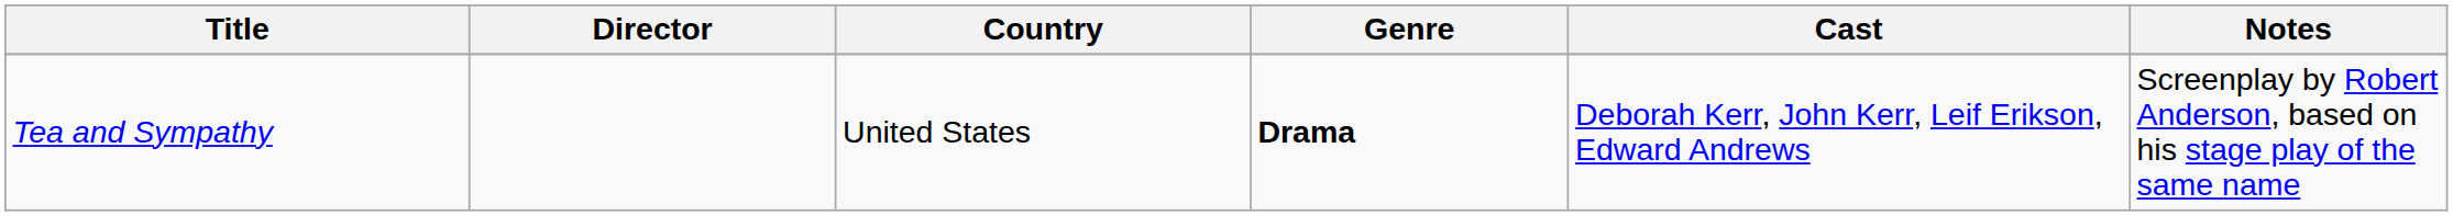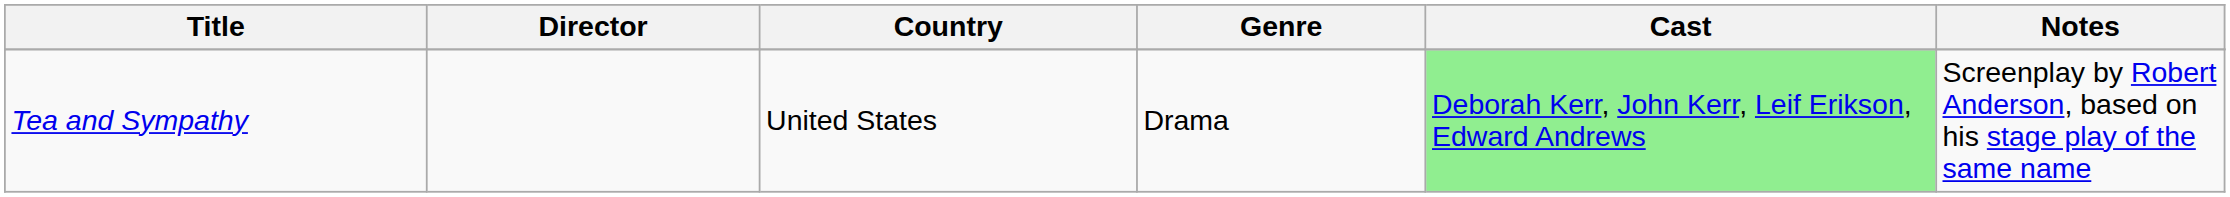 <table class="wikitable sortable">
 <tr>
 <th width="19%">Title</th>
 <th width="15%">Director</th>
 <th width="17%">Country</th>
 <th width="13%">Genre</th>
 <th width="23%">Cast</th>
 <th width="46%">Notes</th>
 </tr>
 <tr valign="top">
 </tr>
 <tr>
 <td><em><a href='#'>Tea and Sympathy</a></em></td>
 <td></td>
 <td>United States</td>
-<td><strong>Drama</strong></td>
-<td><a href='#'>Deborah Kerr</a>, <a href='#'>John Kerr</a>, <a href='#'>Leif Erikson</a>, <a href='#'>Edward Andrews</a></td>
+<td>Drama</td>
+<td style="background: lightgreen;"><a href='#'>Deborah Kerr</a>, <a href='#'>John Kerr</a>, <a href='#'>Leif Erikson</a>, <a href='#'>Edward Andrews</a></td>
 <td>Screenplay by <a href='#'>Robert Anderson</a>, based on his <a href='#'>stage play of the same name</a></td>
 </tr>
 </table>
